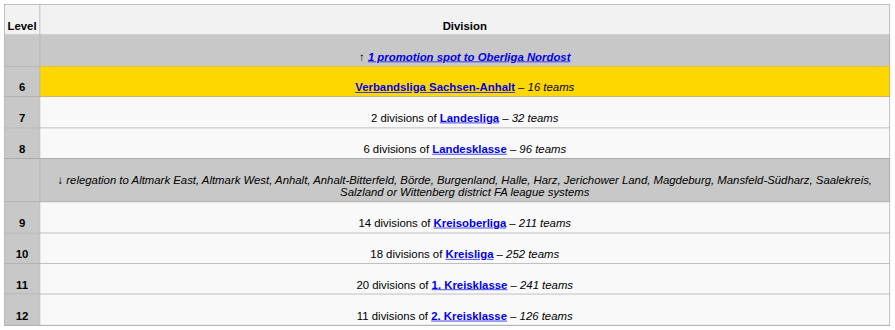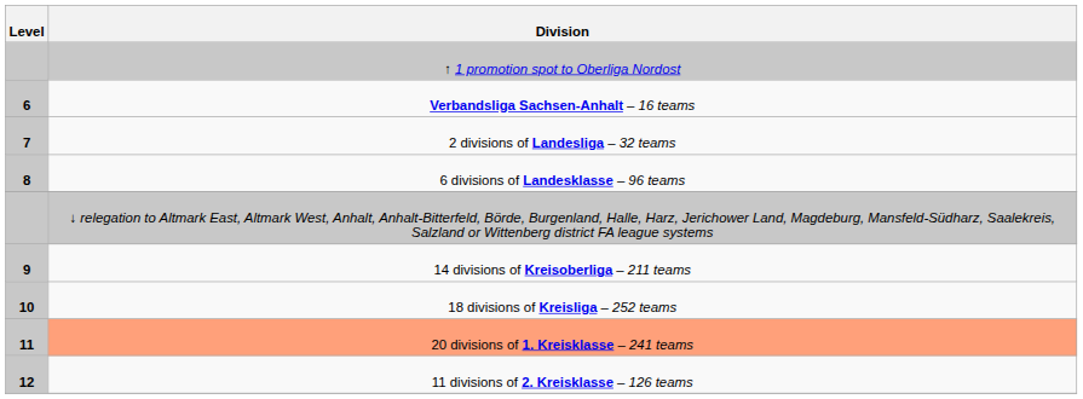 <table class="wikitable" style="text-align:center">
 <tr>
 <th colspan="1" width="4%"><br>Level</th>
 <th colspan="1"><br>Division</th>
 </tr>
 <tr style="background:#c8c8c8">
 <td colspan="1"></td>
-<td colspan="1"><strong><br><em>↑ <a href='#'>1 promotion spot to Oberliga Nordost</a></em></strong></td>
+<td colspan="1"><br><em>↑ <a href='#'>1 promotion spot to Oberliga Nordost</a></em></td>
 </tr>
 <tr>
 <td colspan="1" style="background:#c8c8c8"><br><strong>6</strong></td>
-<td colspan="1" style="background: gold;"><br><strong><a href='#'>Verbandsliga Sachsen-Anhalt</a></strong> – <em>16 teams</em></td>
+<td colspan="1"><br><strong><a href='#'>Verbandsliga Sachsen-Anhalt</a></strong> – <em>16 teams</em></td>
 </tr>
 <tr>
 <td colspan="1" style="background:#c8c8c8"><br><strong>7</strong></td>
 <td colspan="1"><br>2 divisions of <strong><a href='#'>Landesliga</a></strong> – <em>32 teams</em></td>
 </tr>
 <tr>
 <td colspan="1" style="background:#c8c8c8"><br><strong>8</strong></td>
 <td colspan="1"><br>6 divisions of <strong><a href='#'>Landesklasse</a></strong> – <em>96 teams</em></td>
 </tr>
 <tr>
 </tr>
 <tr style="background:#c8c8c8">
 <td colspan="1"></td>
 <td colspan="1"><br><em>↓ relegation to Altmark East, Altmark West, Anhalt, Anhalt-Bitterfeld, Börde, Burgenland, Halle, Harz, Jerichower Land, Magdeburg, Mansfeld-Südharz, Saalekreis, Salzland or Wittenberg district FA league systems</em></td>
 </tr>
 <tr>
 <td colspan="1" style="background:#c8c8c8"><br><strong>9</strong></td>
 <td colspan="1"><br>14 divisions of <strong><a href='#'>Kreisoberliga</a></strong> – <em>211 teams</em></td>
 </tr>
 <tr>
 <td colspan="1" style="background:#c8c8c8"><br><strong>10</strong></td>
 <td colspan="1"><br>18 divisions of <strong><a href='#'>Kreisliga</a></strong> – <em>252 teams</em></td>
 </tr>
 <tr>
 <td colspan="1" style="background:#c8c8c8"><br><strong>11</strong></td>
-<td colspan="1"><br>20 divisions of <strong><a href='#'>1. Kreisklasse</a></strong> – <em>241 teams</em></td>
+<td colspan="1" style="background: lightsalmon;"><br>20 divisions of <strong><a href='#'>1. Kreisklasse</a></strong> – <em>241 teams</em></td>
 </tr>
 <tr>
 <td colspan="1" style="background:#c8c8c8"><br><strong>12</strong></td>
 <td colspan="1"><br>11 divisions of <strong><a href='#'>2. Kreisklasse</a></strong> – <em>126 teams</em></td>
 </tr>
 <tr>
 </tr>
 </table>
